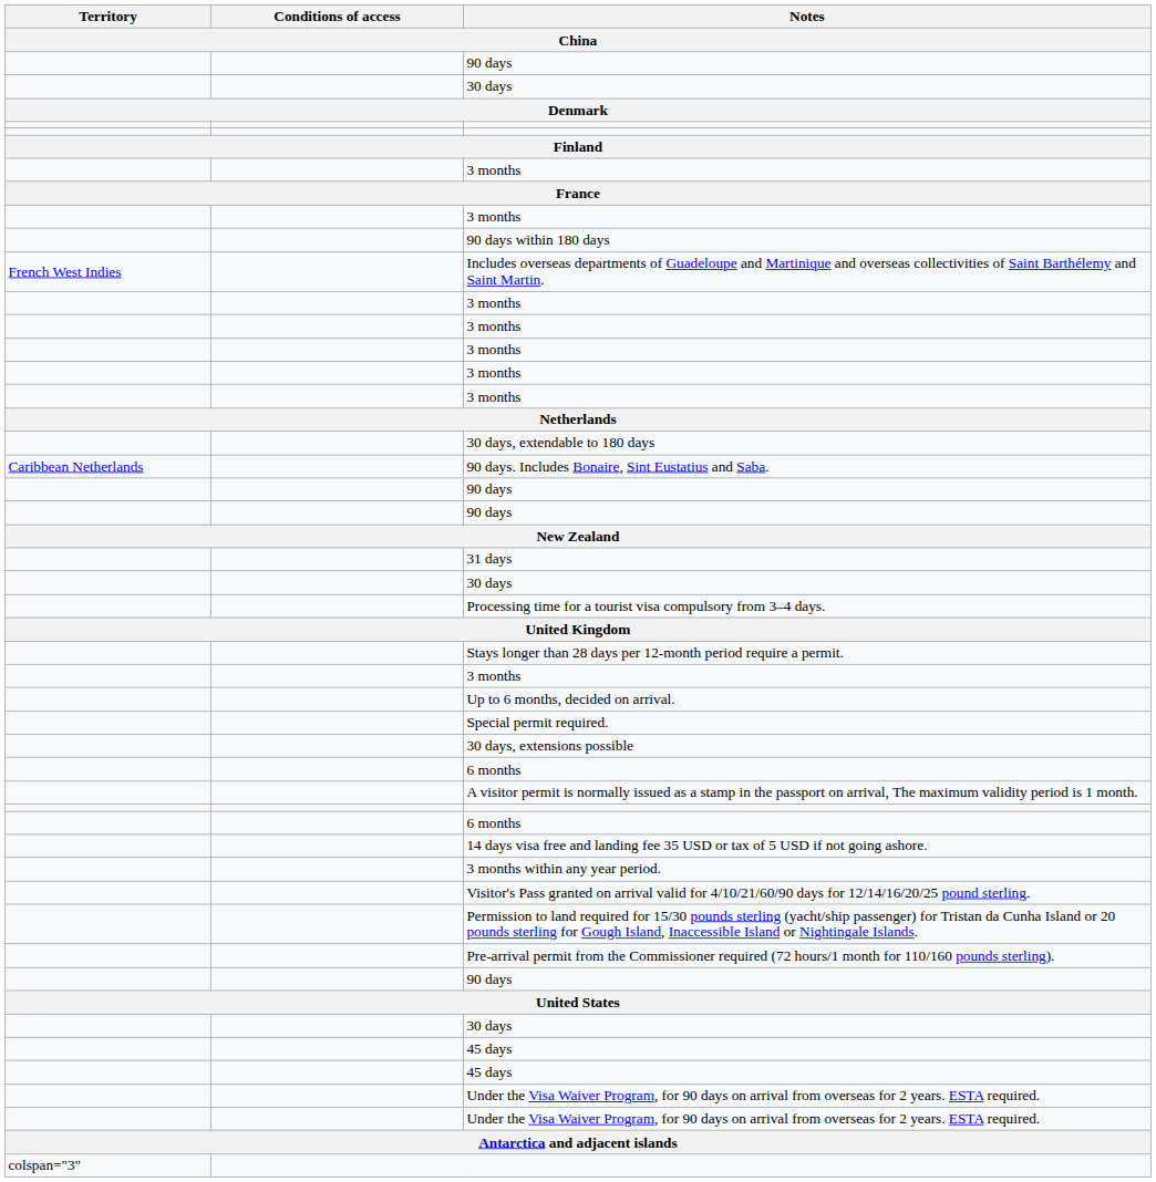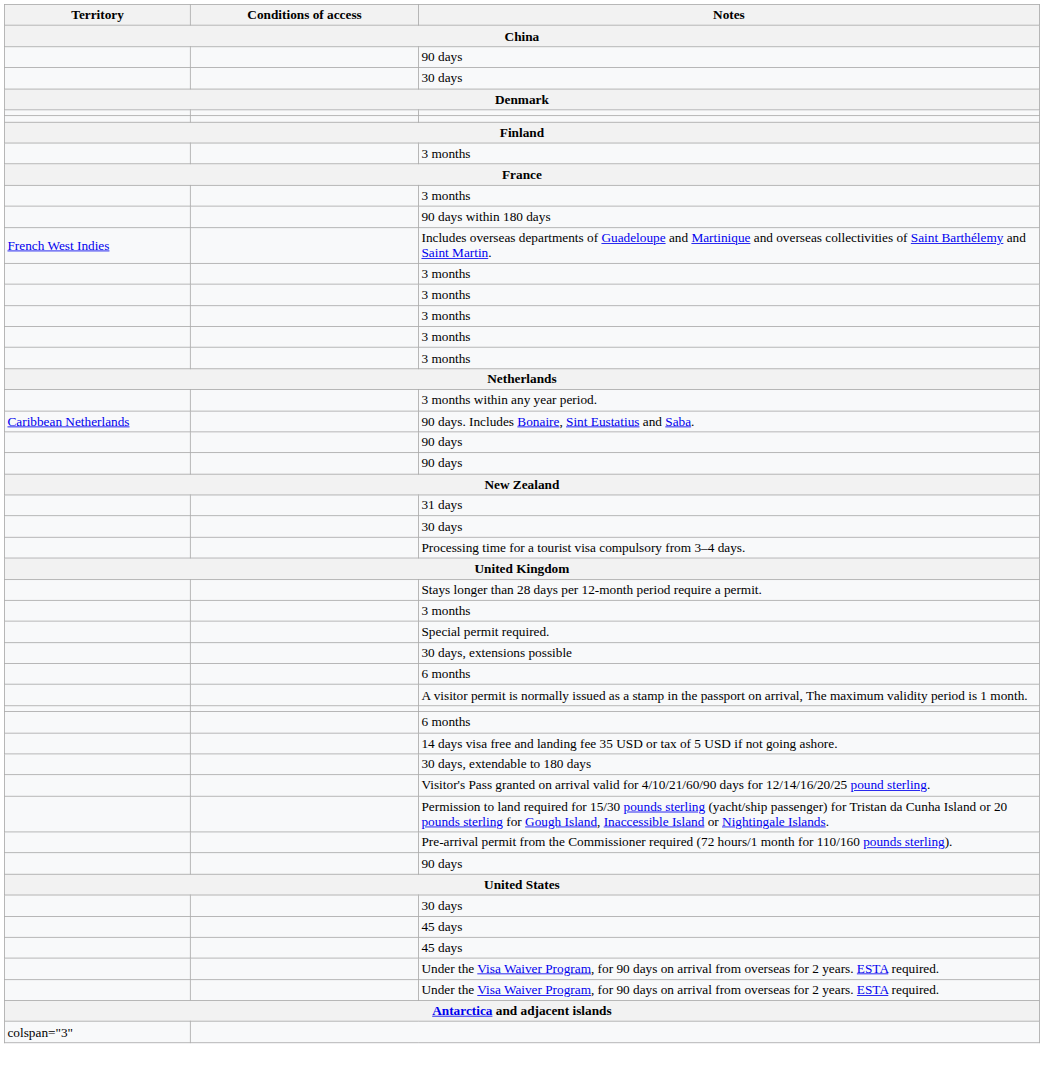 <table class="wikitable sortable sticky-header mw-datatable" style="text-align: left; table-layout: fixed;background:#f8f9faff; ">
 <tr>
 <th style="width:18%;">Territory</th>
 <th style="width:22%;">Conditions of access</th>
 <th>Notes</th>
 </tr>
 <tr>
 <th colspan="3">China</th>
 </tr>
 <tr>
 <td></td>
 <td></td>
 <td>90 days</td>
 </tr>
 <tr>
 <td></td>
 <td></td>
 <td>30 days</td>
 </tr>
 <tr>
 <th colspan="3">Denmark</th>
 </tr>
 <tr>
 <td></td>
 <td></td>
 <td></td>
 </tr>
 <tr>
 <td></td>
 <td></td>
 <td></td>
 </tr>
 <tr>
 <th colspan="3">Finland</th>
 </tr>
 <tr>
 <td></td>
 <td></td>
 <td>3 months</td>
 </tr>
 <tr>
 <th colspan="3">France</th>
 </tr>
 <tr>
 <td></td>
 <td></td>
 <td>3 months</td>
 </tr>
 <tr>
 <td></td>
 <td></td>
 <td>90 days within 180 days</td>
 </tr>
 <tr>
 <td> <a href='#'>French West Indies</a></td>
 <td></td>
 <td>Includes overseas departments of <a href='#'>Guadeloupe</a> and <a href='#'>Martinique</a> and overseas collectivities of <a href='#'>Saint Barthélemy</a> and <a href='#'>Saint Martin</a>.</td>
 </tr>
 <tr>
 <td></td>
 <td></td>
 <td>3 months</td>
 </tr>
 <tr>
 <td></td>
 <td></td>
 <td>3 months</td>
 </tr>
 <tr>
 <td></td>
 <td></td>
 <td>3 months</td>
 </tr>
 <tr>
 <td></td>
 <td></td>
 <td>3 months</td>
 </tr>
 <tr>
 <td></td>
 <td></td>
 <td>3 months</td>
 </tr>
 <tr>
 <th colspan="3">Netherlands</th>
 </tr>
 <tr>
 <td></td>
 <td></td>
-<td>30 days, extendable to 180 days</td>
+<td>3 months within any year period.</td>
 </tr>
 <tr>
 <td> <a href='#'>Caribbean Netherlands</a></td>
 <td></td>
 <td>90 days. Includes <a href='#'>Bonaire</a>, <a href='#'>Sint Eustatius</a> and <a href='#'>Saba</a>.</td>
 </tr>
 <tr>
 <td></td>
 <td></td>
 <td>90 days</td>
 </tr>
 <tr>
 <td></td>
 <td></td>
 <td>90 days</td>
 </tr>
 <tr>
 <th colspan="3">New Zealand</th>
 </tr>
 <tr>
 <td></td>
 <td></td>
 <td>31 days</td>
 </tr>
 <tr>
 <td></td>
 <td></td>
 <td>30 days</td>
 </tr>
 <tr>
 <td></td>
 <td></td>
 <td>Processing time for a tourist visa compulsory from 3–4 days.</td>
 </tr>
 <tr>
 <th colspan="3">United Kingdom</th>
 </tr>
 <tr>
 <td></td>
 <td></td>
 <td>Stays longer than 28 days per 12-month period require a permit.</td>
 </tr>
 <tr>
 <td></td>
 <td></td>
 <td>3 months</td>
 </tr>
 <tr>
 <td></td>
 <td></td>
-<td>Up to 6 months, decided on arrival.</td>
-</tr>
-<tr>
-<td></td>
-<td></td>
 <td>Special permit required.</td>
 </tr>
 <tr>
 <td></td>
 <td></td>
 <td>30 days, extensions possible</td>
 </tr>
 <tr>
 <td></td>
 <td></td>
 <td>6 months</td>
 </tr>
 <tr>
 <td></td>
 <td></td>
 <td>A visitor permit is normally issued as a stamp in the passport on arrival, The maximum validity period is 1 month.</td>
 </tr>
 <tr>
 <td></td>
 <td></td>
 <td></td>
 </tr>
 <tr>
 <td></td>
 <td></td>
 <td>6 months</td>
 </tr>
 <tr>
 <td></td>
 <td></td>
 <td>14 days visa free and landing fee 35 USD or tax of 5 USD if not going ashore.</td>
 </tr>
 <tr>
 <td></td>
 <td></td>
-<td>3 months within any year period.</td>
+<td>30 days, extendable to 180 days</td>
 </tr>
 <tr>
 <td></td>
 <td></td>
 <td>Visitor's Pass granted on arrival valid for 4/10/21/60/90 days for 12/14/16/20/25 <a href='#'>pound sterling</a>.</td>
 </tr>
 <tr>
 <td></td>
 <td></td>
 <td>Permission to land required for 15/30 <a href='#'>pounds sterling</a> (yacht/ship passenger) for Tristan da Cunha Island or 20 <a href='#'>pounds sterling</a> for <a href='#'>Gough Island</a>, <a href='#'>Inaccessible Island</a> or <a href='#'>Nightingale Islands</a>.</td>
 </tr>
 <tr>
 <td></td>
 <td></td>
 <td>Pre-arrival permit from the Commissioner required (72 hours/1 month for 110/160 <a href='#'>pounds sterling</a>).</td>
 </tr>
 <tr>
 <td></td>
 <td></td>
 <td>90 days</td>
 </tr>
 <tr>
 <th colspan="3">United States</th>
 </tr>
 <tr>
 <td></td>
 <td></td>
 <td>30 days</td>
 </tr>
 <tr>
 <td></td>
 <td></td>
 <td>45 days</td>
 </tr>
 <tr>
 <td></td>
 <td></td>
 <td>45 days</td>
 </tr>
 <tr>
 <td></td>
 <td></td>
 <td>Under the <a href='#'>Visa Waiver Program</a>, for 90 days on arrival from overseas for 2 years. <a href='#'>ESTA</a> required.</td>
 </tr>
 <tr>
 <td></td>
 <td></td>
 <td>Under the <a href='#'>Visa Waiver Program</a>, for 90 days on arrival from overseas for 2 years. <a href='#'>ESTA</a> required.</td>
 </tr>
 <tr>
 <th colspan="3"><a href='#'>Antarctica</a> and adjacent islands</th>
 </tr>
 <tr>
 <td>colspan="3" </td>
 </tr>
 </table>
